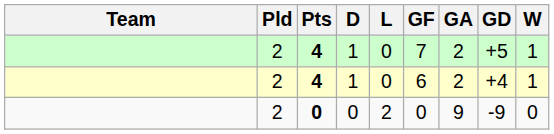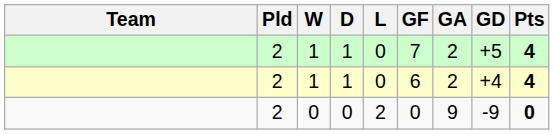 <table class=wikitable style="text-align:center">
 <tr>
 <th width=200>Team</th>
 <th width=20>Pld</th>
-<th width=20>Pts</th>
+<th width=20>W</th>
 <th width=20>D</th>
 <th width=20>L</th>
 <th width=20>GF</th>
 <th width=20>GA</th>
 <th width=20>GD</th>
-<th width=20>W</th>
+<th width=20>Pts</th>
 </tr>
 <tr style="background:#cfc;">
 <td align="left"></td>
 <td>2</td>
-<td><strong>4</strong></td>
+<td>1</td>
 <td>1</td>
 <td>0</td>
 <td>7</td>
 <td>2</td>
 <td>+5</td>
-<td>1</td>
+<td><strong>4</strong></td>
 </tr>
 <tr style="background:#ffc;">
 <td align="left"></td>
 <td>2</td>
-<td><strong>4</strong></td>
+<td>1</td>
 <td>1</td>
 <td>0</td>
 <td>6</td>
 <td>2</td>
 <td>+4</td>
-<td>1</td>
+<td><strong>4</strong></td>
 </tr>
 <tr>
 <td align="left"></td>
 <td>2</td>
-<td><strong>0</strong></td>
+<td>0</td>
 <td>0</td>
 <td>2</td>
 <td>0</td>
 <td>9</td>
 <td>-9</td>
-<td>0</td>
+<td><strong>0</strong></td>
 </tr>
 </table>
